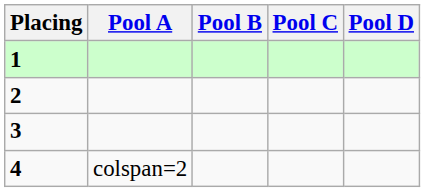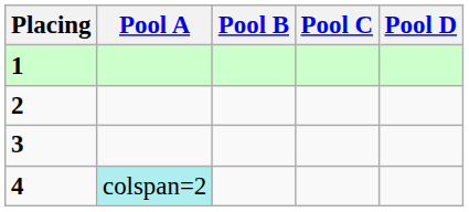 <table class=wikitable style="border:1px solid #AAAAAA;">
 <tr>
 <th>Placing</th>
 <th><a href='#'>Pool A</a></th>
 <th><a href='#'>Pool B</a></th>
 <th><a href='#'>Pool C</a></th>
 <th><a href='#'>Pool D</a></th>
 </tr>
 <tr style="background: #ccffcc;">
 <td><strong>1</strong></td>
 <td></td>
 <td></td>
 <td></td>
 <td></td>
 </tr>
 <tr>
 <td><strong>2</strong></td>
 <td></td>
 <td></td>
 <td></td>
 <td></td>
 </tr>
 <tr>
 <td><strong>3</strong></td>
 <td></td>
 <td></td>
 <td></td>
 <td></td>
 </tr>
 <tr>
 <td><strong>4</strong></td>
-<td>colspan=2 </td>
+<td style="background: paleturquoise;">colspan=2 </td>
 <td></td>
 <td></td>
 </tr>
 </table>
